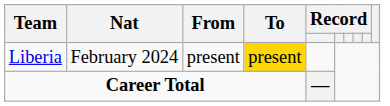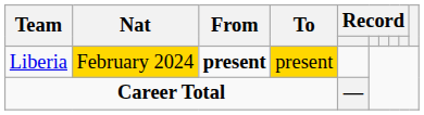 <table class="wikitable" style="text-align: center">
 <tr>
 <th rowspan="2">Team</th>
 <th rowspan="2">Nat</th>
 <th rowspan="2">From</th>
 <th rowspan="2">To</th>
 <th colspan="5">Record</th>
 <th rowspan=2></th>
 </tr>
 <tr>
 <th></th>
 <th></th>
 <th></th>
 <th></th>
 <th></th>
 </tr>
 <tr>
 <td align="left"><a href='#'>Liberia</a></td>
-<td align="center">February 2024</td>
-<td align="center">present</td>
+<td align="center" style="background: gold;">February 2024</td>
+<td align="center"><strong>present</strong></td>
 <td align="center" style="background: gold;">present<br></td>
 <td></td>
 </tr>
 <tr>
 <td colspan=4><strong>Career Total</strong><br></td>
 <th>—</th>
 </tr>
 </table>
